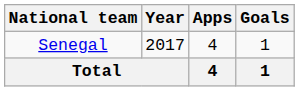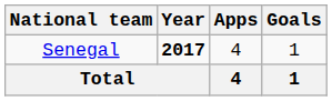 <table class="wikitable" style="text-align:center">
 <tr>
 <th>National team</th>
 <th>Year</th>
 <th>Apps</th>
 <th>Goals</th>
 </tr>
 <tr>
 <td><a href='#'>Senegal</a></td>
-<td>2017</td>
+<td><strong>2017</strong></td>
 <td>4</td>
 <td>1</td>
 </tr>
 <tr>
 <th colspan="2">Total</th>
 <th>4</th>
 <th>1</th>
 </tr>
 </table>
